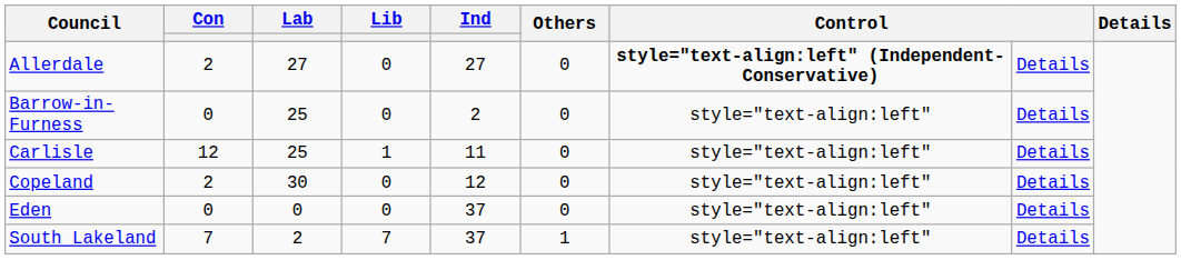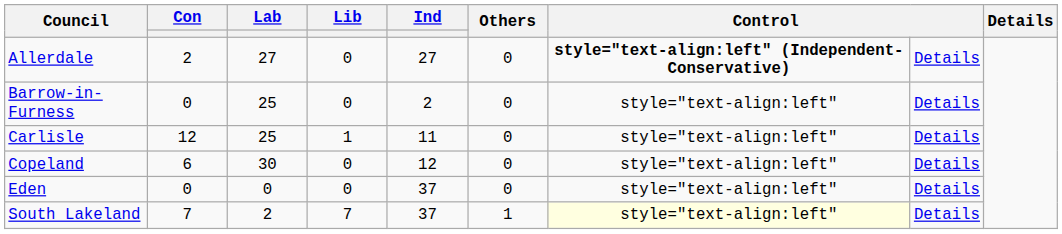 <table class="wikitable" style="text-align:center;">
 <tr>
 <th rowspan=2>Council</th>
 <th style="width:60px;"><a href='#'>Con</a></th>
 <th style="width:60px;"><a href='#'>Lab</a></th>
 <th style="width:60px;"><a href='#'>Lib</a></th>
 <th style="width:60px;"><a href='#'>Ind</a></th>
 <th style="width:60px;" rowspan=2>Others</th>
 <th rowspan=2 colspan=2>Control</th>
 <th rowspan=2>Details</th>
 </tr>
 <tr>
 <th style="background:"></th>
 <th style="background:"></th>
 <th style="background:"></th>
 <th style="background:"></th>
 </tr>
 <tr>
 <td style="text-align:left"><a href='#'>Allerdale</a></td>
 <td>2</td>
 <td>27</td>
 <td>0</td>
 <td>27</td>
 <td>0</td>
 <td><strong>style="text-align:left"  (Independent-Conservative)</strong></td>
 <td style="text-align:left"><a href='#'>Details</a></td>
 </tr>
 <tr>
 <td style="text-align:left"><a href='#'>Barrow-in-Furness</a></td>
 <td>0</td>
 <td>25</td>
 <td>0</td>
 <td>2</td>
 <td>0</td>
 <td>style="text-align:left" </td>
 <td style="text-align:left"><a href='#'>Details</a></td>
 </tr>
 <tr>
 <td style="text-align:left"><a href='#'>Carlisle</a></td>
 <td>12</td>
 <td>25</td>
 <td>1</td>
 <td>11</td>
 <td>0</td>
 <td>style="text-align:left" </td>
 <td style="text-align:left"><a href='#'>Details</a></td>
 </tr>
 <tr>
 <td style="text-align:left"><a href='#'>Copeland</a></td>
-<td>2</td>
+<td>6</td>
 <td>30</td>
 <td>0</td>
 <td>12</td>
 <td>0</td>
 <td>style="text-align:left" </td>
 <td style="text-align:left"><a href='#'>Details</a></td>
 </tr>
 <tr>
 <td style="text-align:left"><a href='#'>Eden</a></td>
 <td>0</td>
 <td>0</td>
 <td>0</td>
 <td>37</td>
 <td>0</td>
 <td>style="text-align:left" </td>
 <td style="text-align:left"><a href='#'>Details</a></td>
 </tr>
 <tr>
 <td style="text-align:left"><a href='#'>South Lakeland</a></td>
 <td>7</td>
 <td>2</td>
 <td>7</td>
 <td>37</td>
 <td>1</td>
-<td>style="text-align:left" </td>
+<td style="background: lightyellow;">style="text-align:left" </td>
 <td style="text-align:left"><a href='#'>Details</a></td>
 </tr>
 </table>
